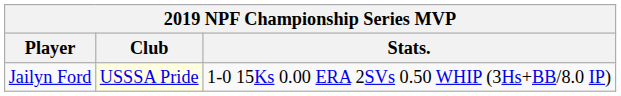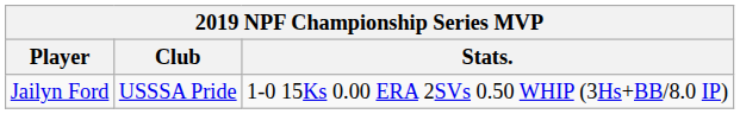 <table class="wikitable">
 <tr>
 <th colspan=3>2019 NPF Championship Series MVP</th>
 </tr>
 <tr>
 <th>Player</th>
 <th>Club</th>
 <th>Stats.</th>
 </tr>
 <tr>
 <td><a href='#'>Jailyn Ford</a></td>
-<td style="background: lightyellow;"><a href='#'>USSSA Pride</a></td>
+<td><a href='#'>USSSA Pride</a></td>
 <td>1-0 15<a href='#'>Ks</a> 0.00 <a href='#'>ERA</a> 2<a href='#'>SVs</a> 0.50 <a href='#'>WHIP</a> (3<a href='#'>Hs</a>+<a href='#'>BB</a>/8.0 <a href='#'>IP</a>)</td>
 </tr>
 </table>
